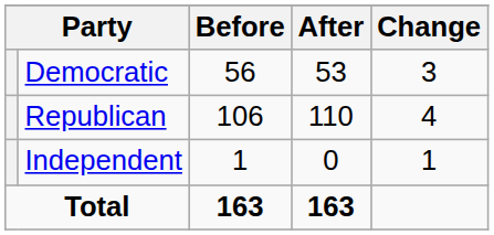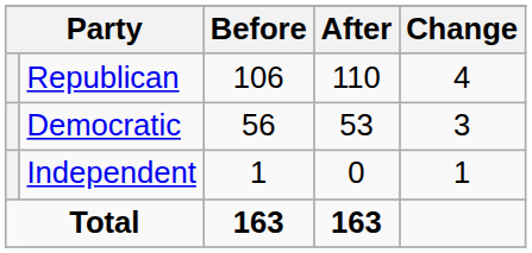 <table class="wikitable" style="text-align:center;">
 <tr>
 </tr>
 <tr>
 <th colspan=2>Party</th>
 <th>Before</th>
 <th>After</th>
 <th>Change</th>
 </tr>
 <tr>
 <th style="background-color:"></th>
+<td style="text-align:left;"><a href='#'>Republican</a></td>
+<td>106</td>
+<td>110</td>
+<td> 4</td>
+</tr>
+<tr>
+<th style="background-color:"></th>
 <td style="text-align:left;"><a href='#'>Democratic</a></td>
 <td>56</td>
 <td>53</td>
 <td> 3</td>
-</tr>
-<tr>
-<th style="background-color:"></th>
-<td style="text-align:left;"><a href='#'>Republican</a></td>
-<td>106</td>
-<td>110</td>
-<td> 4</td>
 </tr>
 <tr>
 <th style="background-color:"></th>
 <td style="text-align:left;"><a href='#'>Independent</a></td>
 <td>1</td>
 <td>0</td>
 <td> 1</td>
 </tr>
 <tr>
 <td colspan=2><strong>Total</strong></td>
 <td><strong>163</strong></td>
 <td><strong>163</strong></td>
 <td></td>
 </tr>
 </table>
